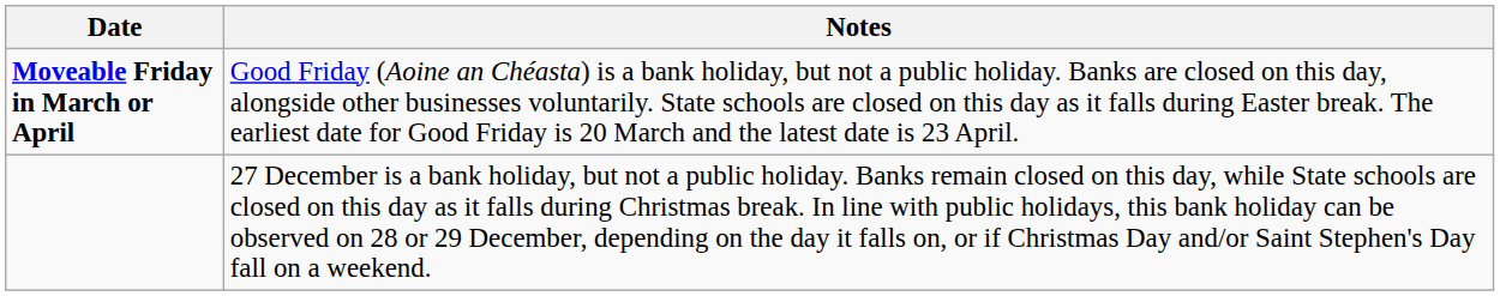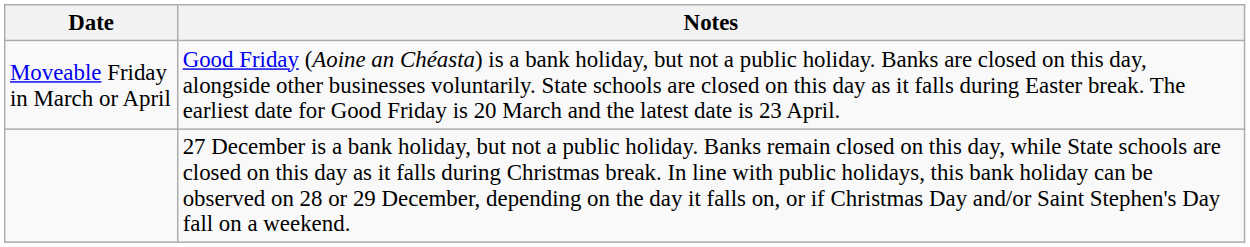 <table class="wikitable">
 <tr>
 <th>Date</th>
 <th>Notes</th>
 </tr>
 <tr>
-<td><strong><a href='#'>Moveable</a> Friday in March or April</strong></td>
+<td><a href='#'>Moveable</a> Friday in March or April</td>
 <td><a href='#'>Good Friday</a> (<em>Aoine an Chéasta</em>) is a bank holiday, but not a public holiday. Banks are closed on this day, alongside other businesses voluntarily. State schools are closed on this day as it falls during Easter break. The earliest date for Good Friday is 20 March and the latest date is 23 April.</td>
 </tr>
 <tr>
 <td></td>
 <td>27 December is a bank holiday, but not a public holiday. Banks remain closed on this day, while State schools are closed on this day as it falls during Christmas break. In line with public holidays, this bank holiday can be observed on 28 or 29 December, depending on the day it falls on, or if Christmas Day and/or Saint Stephen's Day fall on a weekend.</td>
 </tr>
 </table>
